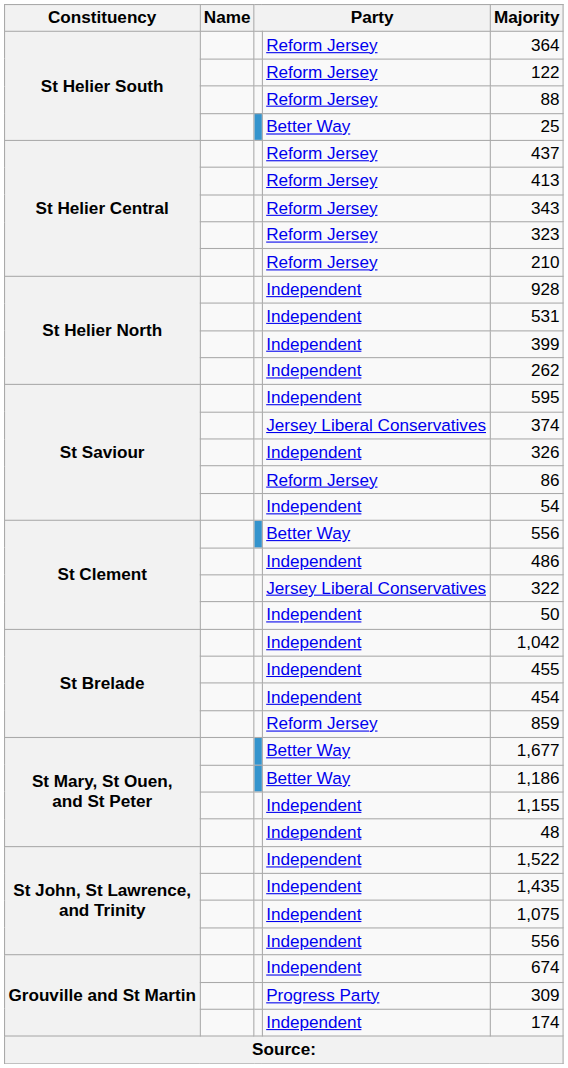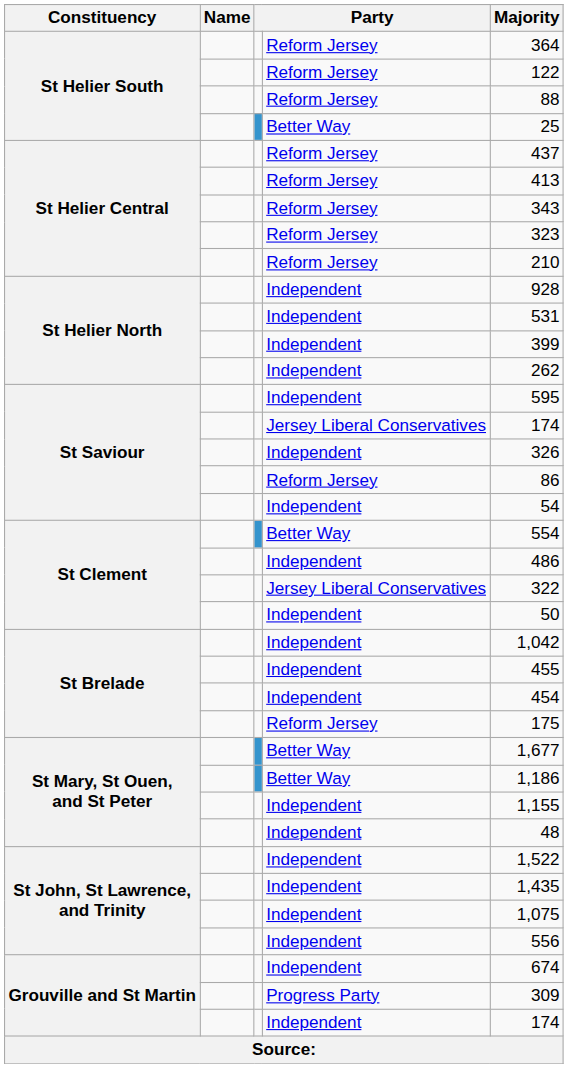 <table class="wikitable sortable"  id="deputies elected">
 <tr>
 <th>Constituency</th>
 <th>Name</th>
 <th colspan="2">Party</th>
 <th>Majority</th>
 </tr>
 <tr>
 <th style="text-align:center;" rowspan="4">St Helier South</th>
 <td></td>
 <td style="background-color: "></td>
 <td><a href='#'>Reform Jersey</a></td>
 <td style="text-align:right;">364</td>
 </tr>
 <tr>
 <td></td>
 <td style="background-color: "></td>
 <td><a href='#'>Reform Jersey</a></td>
 <td style="text-align:right;">122</td>
 </tr>
 <tr>
 <td></td>
 <td style="background-color: "></td>
 <td><a href='#'>Reform Jersey</a></td>
 <td style="text-align:right;">88</td>
 </tr>
 <tr>
 <td></td>
 <td style="background-color: #3494CD"></td>
 <td><a href='#'>Better Way</a></td>
 <td style="text-align:right;">25</td>
 </tr>
 <tr>
 <th style="text-align:center;" rowspan="5">St Helier Central</th>
 <td></td>
 <td style="background-color: "></td>
 <td><a href='#'>Reform Jersey</a></td>
 <td style="text-align:right;">437</td>
 </tr>
 <tr>
 <td></td>
 <td style="background-color: "></td>
 <td><a href='#'>Reform Jersey</a></td>
 <td style="text-align:right;">413</td>
 </tr>
 <tr>
 <td></td>
 <td style="background-color: "></td>
 <td><a href='#'>Reform Jersey</a></td>
 <td style="text-align:right;">343</td>
 </tr>
 <tr>
 <td></td>
 <td style="background-color: "></td>
 <td><a href='#'>Reform Jersey</a></td>
 <td style="text-align:right;">323</td>
 </tr>
 <tr>
 <td></td>
 <td style="background-color: "></td>
 <td><a href='#'>Reform Jersey</a></td>
 <td style="text-align:right;">210</td>
 </tr>
 <tr>
 <th style="text-align:center;" rowspan="4">St Helier North</th>
 <td></td>
 <td style="background-color: "></td>
 <td><a href='#'>Independent</a></td>
 <td style="text-align:right;">928</td>
 </tr>
 <tr>
 <td></td>
 <td style="background-color: "></td>
 <td><a href='#'>Independent</a></td>
 <td style="text-align:right;">531</td>
 </tr>
 <tr>
 <td></td>
 <td style="background-color: "></td>
 <td><a href='#'>Independent</a></td>
 <td style="text-align:right;">399</td>
 </tr>
 <tr>
 <td></td>
 <td style="background-color: "></td>
 <td><a href='#'>Independent</a></td>
 <td style="text-align:right;">262</td>
 </tr>
 <tr>
 <th style="text-align:center;" rowspan="5">St Saviour</th>
 <td></td>
 <td style="background-color: "></td>
 <td><a href='#'>Independent</a></td>
 <td style="text-align:right;">595</td>
 </tr>
 <tr>
 <td></td>
 <td style="background-color: "></td>
 <td><a href='#'>Jersey Liberal Conservatives</a></td>
-<td style="text-align:right;">374</td>
+<td style="text-align:right;">174</td>
 </tr>
 <tr>
 <td></td>
 <td style="background-color: "></td>
 <td><a href='#'>Independent</a></td>
 <td style="text-align:right;">326</td>
 </tr>
 <tr>
 <td></td>
 <td style="background-color: "></td>
 <td><a href='#'>Reform Jersey</a></td>
 <td style="text-align:right;">86</td>
 </tr>
 <tr>
 <td></td>
 <td style="background-color: "></td>
 <td><a href='#'>Independent</a></td>
 <td style="text-align:right;">54</td>
 </tr>
 <tr>
 <th style="text-align:center;" rowspan="4">St Clement</th>
 <td></td>
 <td style="background-color: #3494CD"></td>
 <td><a href='#'>Better Way</a></td>
-<td style="text-align:right;">556</td>
+<td style="text-align:right;">554</td>
 </tr>
 <tr>
 <td></td>
 <td style="background-color: "></td>
 <td><a href='#'>Independent</a></td>
 <td style="text-align:right;">486</td>
 </tr>
 <tr>
 <td></td>
 <td style="background-color: "></td>
 <td><a href='#'>Jersey Liberal Conservatives</a></td>
 <td style="text-align:right;">322</td>
 </tr>
 <tr>
 <td></td>
 <td style="background-color: "></td>
 <td><a href='#'>Independent</a></td>
 <td style="text-align:right;">50</td>
 </tr>
 <tr>
 <th style="text-align:center;" rowspan="4">St Brelade</th>
 <td></td>
 <td style="background-color: "></td>
 <td><a href='#'>Independent</a></td>
 <td style="text-align:right;">1,042</td>
 </tr>
 <tr>
 <td></td>
 <td style="background-color: "></td>
 <td><a href='#'>Independent</a></td>
 <td style="text-align:right;">455</td>
 </tr>
 <tr>
 <td></td>
 <td style="background-color: "></td>
 <td><a href='#'>Independent</a></td>
 <td style="text-align:right;">454</td>
 </tr>
 <tr>
 <td></td>
 <td style="background-color: "></td>
 <td><a href='#'>Reform Jersey</a></td>
-<td style="text-align:right;">859</td>
+<td style="text-align:right;">175</td>
 </tr>
 <tr>
 <th style="text-align:center;" rowspan="4">St Mary, St Ouen,<br>and St Peter</th>
 <td></td>
 <td style="background-color: #3494CD"></td>
 <td><a href='#'>Better Way</a></td>
 <td style="text-align:right;">1,677</td>
 </tr>
 <tr>
 <td></td>
 <td style="background-color: #3494CD"></td>
 <td><a href='#'>Better Way</a></td>
 <td style="text-align:right;">1,186</td>
 </tr>
 <tr>
 <td></td>
 <td style="background-color: "></td>
 <td><a href='#'>Independent</a></td>
 <td style="text-align:right;">1,155</td>
 </tr>
 <tr>
 <td></td>
 <td style="background-color: "></td>
 <td><a href='#'>Independent</a></td>
 <td style="text-align:right;">48</td>
 </tr>
 <tr>
 <th style="text-align:center;" rowspan="4">St John, St Lawrence,<br>and Trinity</th>
 <td></td>
 <td style="background-color: "></td>
 <td><a href='#'>Independent</a></td>
 <td style="text-align:right;">1,522</td>
 </tr>
 <tr>
 <td></td>
 <td style="background-color: "></td>
 <td><a href='#'>Independent</a></td>
 <td style="text-align:right;">1,435</td>
 </tr>
 <tr>
 <td></td>
 <td style="background-color: "></td>
 <td><a href='#'>Independent</a></td>
 <td style="text-align:right;">1,075</td>
 </tr>
 <tr>
 <td></td>
 <td style="background-color: "></td>
 <td><a href='#'>Independent</a></td>
 <td style="text-align:right;">556</td>
 </tr>
 <tr>
 <th style="text-align:center;" rowspan="3">Grouville and St Martin</th>
 <td></td>
 <td style="background-color: "></td>
 <td><a href='#'>Independent</a></td>
 <td style="text-align:right;">674</td>
 </tr>
 <tr>
 <td></td>
 <td style="background-color: "></td>
 <td><a href='#'>Progress Party</a></td>
 <td style="text-align:right;">309</td>
 </tr>
 <tr>
 <td></td>
 <td style="background-color: "></td>
 <td><a href='#'>Independent</a></td>
 <td style="text-align:right;">174</td>
 </tr>
 <tr>
 <th colspan="5">Source:</th>
 </tr>
 </table>
